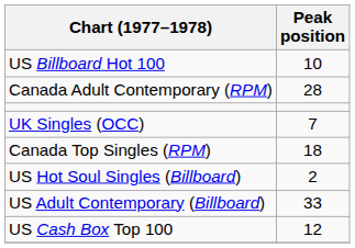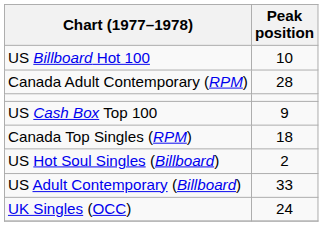 <table class="wikitable sortable">
 <tr>
 <th>Chart (1977–1978)</th>
 <th>Peak<br>position</th>
 </tr>
 <tr>
 <td>US <a href='#'><em>Billboard</em> Hot 100</a></td>
 <td style="text-align:center;">10</td>
 </tr>
 <tr>
 <td>Canada Adult Contemporary (<a href='#'><em>RPM</em></a>)</td>
 <td style="text-align:center;">28</td>
 </tr>
 <tr>
 <td></td>
 </tr>
 <tr>
-<td><a href='#'>UK Singles</a> (<a href='#'>OCC</a>)</td>
-<td style="text-align:center;">7</td>
+<td>US <em><a href='#'>Cash Box</a></em> Top 100</td>
+<td style="text-align:center;">9</td>
 </tr>
 <tr>
 <td>Canada Top Singles (<a href='#'><em>RPM</em></a>)</td>
 <td style="text-align:center;">18</td>
 </tr>
 <tr>
 <td>US <a href='#'>Hot Soul Singles</a> (<em><a href='#'>Billboard</a></em>)</td>
 <td style="text-align:center;">2</td>
 </tr>
 <tr>
 <td>US <a href='#'>Adult Contemporary</a> (<em><a href='#'>Billboard</a></em>)</td>
 <td style="text-align:center;">33</td>
 </tr>
 <tr>
-<td>US <em><a href='#'>Cash Box</a></em> Top 100</td>
-<td style="text-align:center;">12</td>
+<td><a href='#'>UK Singles</a> (<a href='#'>OCC</a>)</td>
+<td style="text-align:center;">24</td>
 </tr>
 <tr>
 </tr>
 </table>
